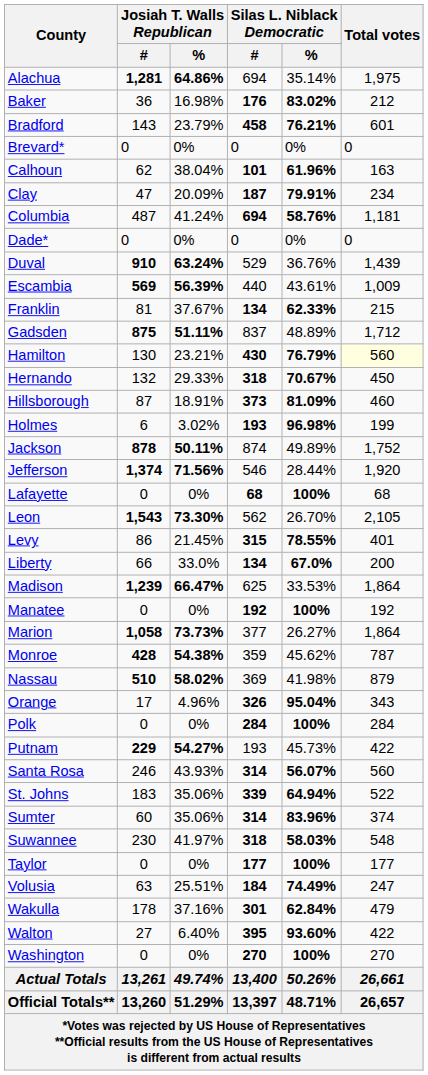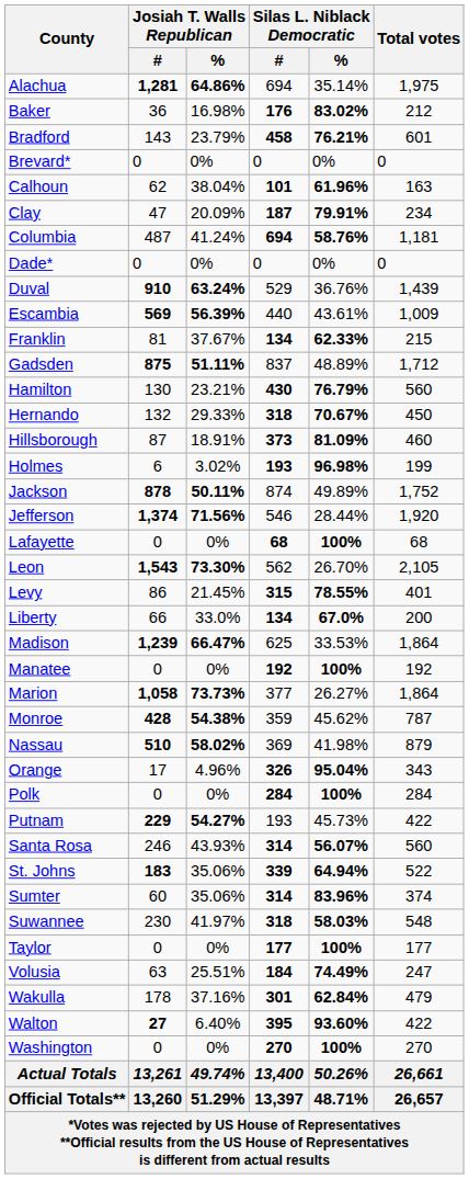 <table class="wikitable sortable">
 <tr>
 <th rowspan="2">County</th>
 <th colspan="2" style="text-align: center;" >Josiah T. Walls <br> <em>Republican</em></th>
 <th colspan="2" style="text-align: center;" >Silas L. Niblack <br><em>Democratic</em></th>
 <th rowspan="2">Total votes</th>
 </tr>
 <tr>
 <th colspan="1" style="text-align: center;" >#</th>
 <th colspan="1" style="text-align: center;" >%</th>
 <th colspan="1" style="text-align: center;" >#</th>
 <th colspan="1" style="text-align: center;" >%</th>
 </tr>
 <tr>
 <td><a href='#'>Alachua</a></td>
 <td align="center"><strong>1,281</strong></td>
 <td align="center"><strong>64.86%</strong></td>
 <td align="center">694</td>
 <td align="center">35.14%</td>
 <td align="center">1,975</td>
 </tr>
 <tr>
 <td><a href='#'>Baker</a></td>
 <td align="center">36</td>
 <td align="center">16.98%</td>
 <td align="center"><strong>176</strong></td>
 <td align="center"><strong>83.02%</strong></td>
 <td align="center">212</td>
 </tr>
 <tr>
 <td><a href='#'>Bradford</a></td>
 <td align="center">143</td>
 <td align="center">23.79%</td>
 <td align="center"><strong>458</strong></td>
 <td align="center"><strong>76.21%</strong></td>
 <td align="center">601</td>
 </tr>
 <tr>
 <td><a href='#'>Brevard*</a></td>
 <td>0</td>
 <td>0%</td>
 <td>0</td>
 <td>0%</td>
 <td>0</td>
 </tr>
 <tr>
 <td><a href='#'>Calhoun</a></td>
 <td align="center">62</td>
 <td align="center">38.04%</td>
 <td align="center"><strong>101</strong></td>
 <td align="center"><strong>61.96%</strong></td>
 <td align="center">163</td>
 </tr>
 <tr>
 <td><a href='#'>Clay</a></td>
 <td align="center">47</td>
 <td align="center">20.09%</td>
 <td align="center"><strong>187</strong></td>
 <td align="center"><strong>79.91%</strong></td>
 <td align="center">234</td>
 </tr>
 <tr>
 <td><a href='#'>Columbia</a></td>
 <td align="center">487</td>
 <td align="center">41.24%</td>
 <td align="center"><strong>694</strong></td>
 <td align="center"><strong>58.76%</strong></td>
 <td align="center">1,181</td>
 </tr>
 <tr>
 <td><a href='#'>Dade*</a></td>
 <td>0</td>
 <td>0%</td>
 <td>0</td>
 <td>0%</td>
 <td>0</td>
 </tr>
 <tr>
 <td><a href='#'>Duval</a></td>
 <td align="center"><strong>910</strong></td>
 <td align="center"><strong>63.24%</strong></td>
 <td align="center">529</td>
 <td align="center">36.76%</td>
 <td align="center">1,439</td>
 </tr>
 <tr>
 <td><a href='#'>Escambia</a></td>
 <td align="center"><strong>569</strong></td>
 <td align="center"><strong>56.39%</strong></td>
 <td align="center">440</td>
 <td align="center">43.61%</td>
 <td align="center">1,009</td>
 </tr>
 <tr>
 <td><a href='#'>Franklin</a></td>
 <td align="center">81</td>
 <td align="center">37.67%</td>
 <td align="center"><strong>134</strong></td>
 <td align="center"><strong>62.33%</strong></td>
 <td align="center">215</td>
 </tr>
 <tr>
 <td><a href='#'>Gadsden</a></td>
 <td align="center"><strong>875</strong></td>
 <td align="center"><strong>51.11%</strong></td>
 <td align="center">837</td>
 <td align="center">48.89%</td>
 <td align="center">1,712</td>
 </tr>
 <tr>
 <td><a href='#'>Hamilton</a></td>
 <td align="center">130</td>
 <td align="center">23.21%</td>
 <td align="center"><strong>430</strong></td>
 <td align="center"><strong>76.79%</strong></td>
-<td align="center" style="background: lightyellow;">560</td>
+<td align="center">560</td>
 </tr>
 <tr>
 <td><a href='#'>Hernando</a></td>
 <td align="center">132</td>
 <td align="center">29.33%</td>
 <td align="center"><strong>318</strong></td>
 <td align="center"><strong>70.67%</strong></td>
 <td align="center">450</td>
 </tr>
 <tr>
 <td><a href='#'>Hillsborough</a></td>
 <td align="center">87</td>
 <td align="center">18.91%</td>
 <td align="center"><strong>373</strong></td>
 <td align="center"><strong>81.09%</strong></td>
 <td align="center">460</td>
 </tr>
 <tr>
 <td><a href='#'>Holmes</a></td>
 <td align="center">6</td>
 <td align="center">3.02%</td>
 <td align="center"><strong>193</strong></td>
 <td align="center"><strong>96.98%</strong></td>
 <td align="center">199</td>
 </tr>
 <tr>
 <td><a href='#'>Jackson</a></td>
 <td align="center"><strong>878</strong></td>
 <td align="center"><strong>50.11%</strong></td>
 <td align="center">874</td>
 <td align="center">49.89%</td>
 <td align="center">1,752</td>
 </tr>
 <tr>
 <td><a href='#'>Jefferson</a></td>
 <td align="center"><strong>1,374</strong></td>
 <td align="center"><strong>71.56%</strong></td>
 <td align="center">546</td>
 <td align="center">28.44%</td>
 <td align="center">1,920</td>
 </tr>
 <tr>
 <td><a href='#'>Lafayette</a></td>
 <td align="center">0</td>
 <td align="center">0%</td>
 <td align="center"><strong>68</strong></td>
 <td align="center"><strong>100%</strong></td>
 <td align="center">68</td>
 </tr>
 <tr>
 <td><a href='#'>Leon</a></td>
 <td align="center"><strong>1,543</strong></td>
 <td align="center"><strong>73.30%</strong></td>
 <td align="center">562</td>
 <td align="center">26.70%</td>
 <td align="center">2,105</td>
 </tr>
 <tr>
 <td><a href='#'>Levy</a></td>
 <td align="center">86</td>
 <td align="center">21.45%</td>
 <td align="center"><strong>315</strong></td>
 <td align="center"><strong>78.55%</strong></td>
 <td align="center">401</td>
 </tr>
 <tr>
 <td><a href='#'>Liberty</a></td>
 <td align="center">66</td>
 <td align="center">33.0%</td>
 <td align="center"><strong>134</strong></td>
 <td align="center"><strong>67.0%</strong></td>
 <td align="center">200</td>
 </tr>
 <tr>
 <td><a href='#'>Madison</a></td>
 <td align="center"><strong>1,239</strong></td>
 <td align="center"><strong>66.47%</strong></td>
 <td align="center">625</td>
 <td align="center">33.53%</td>
 <td align="center">1,864</td>
 </tr>
 <tr>
 <td><a href='#'>Manatee</a></td>
 <td align="center">0</td>
 <td align="center">0%</td>
 <td align="center"><strong>192</strong></td>
 <td align="center"><strong>100%</strong></td>
 <td align="center">192</td>
 </tr>
 <tr>
 <td><a href='#'>Marion</a></td>
 <td align="center"><strong>1,058</strong></td>
 <td align="center"><strong>73.73%</strong></td>
 <td align="center">377</td>
 <td align="center">26.27%</td>
 <td align="center">1,864</td>
 </tr>
 <tr>
 <td><a href='#'>Monroe</a></td>
 <td align="center"><strong>428</strong></td>
 <td align="center"><strong>54.38%</strong></td>
 <td align="center">359</td>
 <td align="center">45.62%</td>
 <td align="center">787</td>
 </tr>
 <tr>
 <td><a href='#'>Nassau</a></td>
 <td align="center"><strong>510</strong></td>
 <td align="center"><strong>58.02%</strong></td>
 <td align="center">369</td>
 <td align="center">41.98%</td>
 <td align="center">879</td>
 </tr>
 <tr>
 <td><a href='#'>Orange</a></td>
 <td align="center">17</td>
 <td align="center">4.96%</td>
 <td align="center"><strong>326</strong></td>
 <td align="center"><strong>95.04%</strong></td>
 <td align="center">343</td>
 </tr>
 <tr>
 <td><a href='#'>Polk</a></td>
 <td align="center">0</td>
 <td align="center">0%</td>
 <td align="center"><strong>284</strong></td>
 <td align="center"><strong>100%</strong></td>
 <td align="center">284</td>
 </tr>
 <tr>
 <td><a href='#'>Putnam</a></td>
 <td align="center"><strong>229</strong></td>
 <td align="center"><strong>54.27%</strong></td>
 <td align="center">193</td>
 <td align="center">45.73%</td>
 <td align="center">422</td>
 </tr>
 <tr>
 <td><a href='#'>Santa Rosa</a></td>
 <td align="center">246</td>
 <td align="center">43.93%</td>
 <td align="center"><strong>314</strong></td>
 <td align="center"><strong>56.07%</strong></td>
 <td align="center">560</td>
 </tr>
 <tr>
 <td><a href='#'>St. Johns</a></td>
-<td align="center">183</td>
+<td align="center"><strong>183</strong></td>
 <td align="center">35.06%</td>
 <td align="center"><strong>339</strong></td>
 <td align="center"><strong>64.94%</strong></td>
 <td align="center">522</td>
 </tr>
 <tr>
 <td><a href='#'>Sumter</a></td>
 <td align="center">60</td>
 <td align="center">35.06%</td>
 <td align="center"><strong>314</strong></td>
 <td align="center"><strong>83.96%</strong></td>
 <td align="center">374</td>
 </tr>
 <tr>
 <td><a href='#'>Suwannee</a></td>
 <td align="center">230</td>
 <td align="center">41.97%</td>
 <td align="center"><strong>318</strong></td>
 <td align="center"><strong>58.03%</strong></td>
 <td align="center">548</td>
 </tr>
 <tr>
 <td><a href='#'>Taylor</a></td>
 <td align="center">0</td>
 <td align="center">0%</td>
 <td align="center"><strong>177</strong></td>
 <td align="center"><strong>100%</strong></td>
 <td align="center">177</td>
 </tr>
 <tr>
 <td><a href='#'>Volusia</a></td>
 <td align="center">63</td>
 <td align="center">25.51%</td>
 <td align="center"><strong>184</strong></td>
 <td align="center"><strong>74.49%</strong></td>
 <td align="center">247</td>
 </tr>
 <tr>
 <td><a href='#'>Wakulla</a></td>
 <td align="center">178</td>
 <td align="center">37.16%</td>
 <td align="center"><strong>301</strong></td>
 <td align="center"><strong>62.84%</strong></td>
 <td align="center">479</td>
 </tr>
 <tr>
 <td><a href='#'>Walton</a></td>
-<td align="center">27</td>
+<td align="center"><strong>27</strong></td>
 <td align="center">6.40%</td>
 <td align="center"><strong>395</strong></td>
 <td align="center"><strong>93.60%</strong></td>
 <td align="center">422</td>
 </tr>
 <tr>
 <td><a href='#'>Washington</a></td>
 <td align="center">0</td>
 <td align="center">0%</td>
 <td align="center"><strong>270</strong></td>
 <td align="center"><strong>100%</strong></td>
 <td align="center">270</td>
 </tr>
 <tr>
 <th><em>Actual Totals</em></th>
 <th><em>13,261</em></th>
 <th><em>49.74%</em></th>
 <th><em>13,400</em></th>
 <th><em>50.26%</em></th>
 <th><em>26,661</em></th>
 </tr>
 <tr>
 <th>Official Totals**</th>
 <th><strong>13,260</strong></th>
 <th><strong>51.29%</strong></th>
 <th><strong>13,397</strong></th>
 <th><strong>48.71%</strong></th>
 <th><strong>26,657</strong></th>
 </tr>
 <tr>
 <th colspan="6"><small>*Votes was rejected by US House of Representatives</small><br> <small>**Official results from the US House of Representatives <br> is different from actual results</small></th>
 </tr>
 </table>
